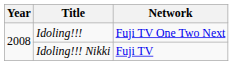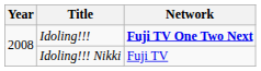 <table class="wikitable">
 <tr>
 <th>Year</th>
 <th>Title</th>
 <th>Network</th>
 </tr>
 <tr>
 <td rowspan="2">2008</td>
 <td><em>Idoling!!!</em></td>
-<td><a href='#'>Fuji TV One Two Next</a></td>
+<td><strong><a href='#'>Fuji TV One Two Next</a></strong></td>
 </tr>
 <tr>
 <td><em>Idoling!!! Nikki</em></td>
 <td><a href='#'>Fuji TV</a></td>
 </tr>
 </table>
